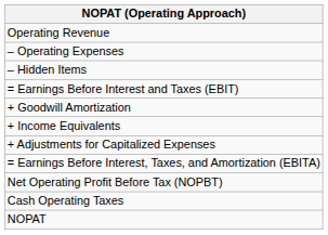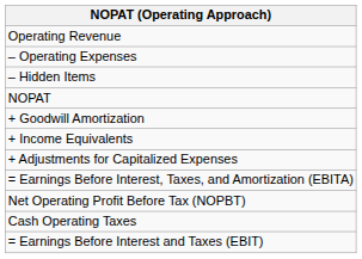 <table class="wikitable">
 <tr>
 <th>NOPAT (Operating Approach)</th>
 </tr>
 <tr>
 <td>Operating Revenue</td>
 </tr>
 <tr>
 <td>– Operating Expenses</td>
 </tr>
 <tr>
 <td>– Hidden Items</td>
 </tr>
 <tr>
-<td>= Earnings Before Interest and Taxes (EBIT)</td>
+<td>NOPAT</td>
 </tr>
 <tr>
 <td>+ Goodwill Amortization</td>
 </tr>
 <tr>
 <td>+ Income Equivalents</td>
 </tr>
 <tr>
 <td>+ Adjustments for Capitalized Expenses</td>
 </tr>
 <tr>
 <td>= Earnings Before Interest, Taxes, and Amortization (EBITA)</td>
 </tr>
 <tr>
 <td>Net Operating Profit Before Tax (NOPBT)</td>
 </tr>
 <tr>
 <td>Cash Operating Taxes</td>
 </tr>
 <tr>
-<td>NOPAT</td>
+<td>= Earnings Before Interest and Taxes (EBIT)</td>
 </tr>
 </table>
